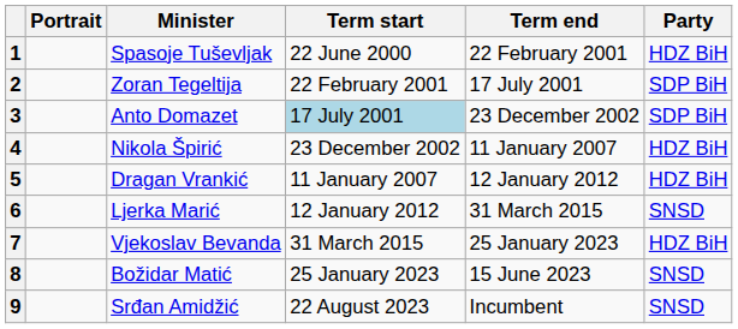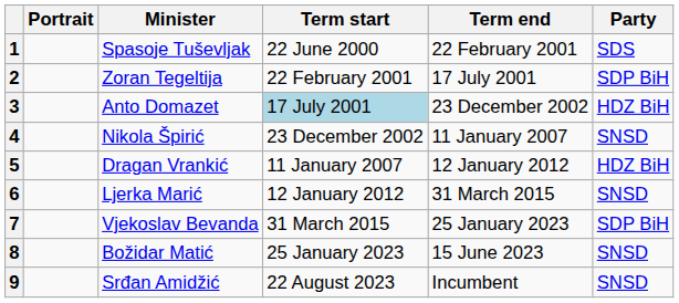 <table class="wikitable" style="text-align: left;">
 <tr>
 <th></th>
 <th>Portrait</th>
 <th>Minister</th>
 <th>Term start</th>
 <th>Term end</th>
 <th>Party</th>
 </tr>
 <tr>
 <th style="background:">1</th>
 <td></td>
 <td><a href='#'>Spasoje Tuševljak</a></td>
 <td>22 June 2000</td>
 <td>22 February 2001</td>
-<td><a href='#'>HDZ BiH</a></td>
+<td><a href='#'>SDS</a></td>
 </tr>
 <tr>
 <th style="background:">2</th>
 <td></td>
 <td><a href='#'>Zoran Tegeltija</a></td>
 <td>22 February 2001</td>
 <td>17 July 2001</td>
 <td><a href='#'>SDP BiH</a></td>
 </tr>
 <tr>
 <th style="background:">3</th>
 <td></td>
 <td><a href='#'>Anto Domazet</a></td>
 <td style="background: lightblue;">17 July 2001</td>
 <td>23 December 2002</td>
-<td><a href='#'>SDP BiH</a></td>
+<td><a href='#'>HDZ BiH</a></td>
 </tr>
 <tr>
 <th style="background:">4</th>
 <td></td>
 <td><a href='#'>Nikola Špirić</a></td>
 <td>23 December 2002</td>
 <td>11 January 2007</td>
-<td><a href='#'>HDZ BiH</a></td>
+<td><a href='#'>SNSD</a></td>
 </tr>
 <tr>
 <th style="background:">5</th>
 <td></td>
 <td><a href='#'>Dragan Vrankić</a></td>
 <td>11 January 2007</td>
 <td>12 January 2012</td>
 <td><a href='#'>HDZ BiH</a></td>
 </tr>
 <tr>
 <th style="background:">6</th>
 <td></td>
 <td><a href='#'>Ljerka Marić</a></td>
 <td>12 January 2012</td>
 <td>31 March 2015</td>
 <td><a href='#'>SNSD</a></td>
 </tr>
 <tr>
 <th style="background:">7</th>
 <td></td>
 <td><a href='#'>Vjekoslav Bevanda</a></td>
 <td>31 March 2015</td>
 <td>25 January 2023</td>
-<td><a href='#'>HDZ BiH</a></td>
+<td><a href='#'>SDP BiH</a></td>
 </tr>
 <tr>
 <th style="background:">8</th>
 <td></td>
 <td><a href='#'>Božidar Matić</a></td>
 <td>25 January 2023</td>
 <td>15 June 2023</td>
 <td><a href='#'>SNSD</a></td>
 </tr>
 <tr>
 <th style="background:">9</th>
 <td></td>
 <td><a href='#'>Srđan Amidžić</a></td>
 <td>22 August 2023</td>
 <td>Incumbent</td>
 <td><a href='#'>SNSD</a></td>
 </tr>
 </table>
